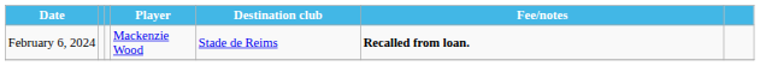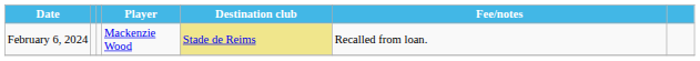 <table class="wikitable sortable">
 <tr>
 <th style="background:#42b7e6; color:#fff; width:110px;" data-sort-type="date">Date</th>
 <th style="background:#42b7e6; color:#fff;"></th>
 <th style="background:#42b7e6; color:#fff;"></th>
 <th style="background:#42b7e6; color:#fff; width:100px;">Player</th>
 <th style="background:#42b7e6; color:#fff; width:200px;">Destination club</th>
 <th style="background:#42b7e6; color:#fff; width:450px;">Fee/notes</th>
 <th style="background:#42b7e6; color:#fff; width:30px;"></th>
 </tr>
 <tr>
 <td>February 6, 2024</td>
 <td></td>
 <td></td>
 <td><a href='#'>Mackenzie Wood</a></td>
-<td> <a href='#'>Stade de Reims</a></td>
-<td><strong>Recalled from loan.</strong></td>
+<td style="background: khaki;"> <a href='#'>Stade de Reims</a></td>
+<td>Recalled from loan.</td>
 <td></td>
 </tr>
 <tr>
 </tr>
 </table>
